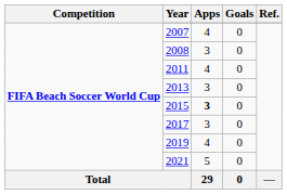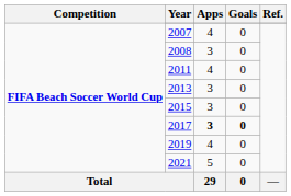 <table class="wikitable" style="text-align:center;">
 <tr>
 <th>Competition</th>
 <th>Year</th>
 <th>Apps</th>
 <th>Goals</th>
 <th>Ref.</th>
 </tr>
 <tr>
 <td rowspan="9"><strong><a href='#'>FIFA Beach Soccer World Cup</a></strong></td>
 </tr>
 <tr>
 <td> <a href='#'>2007</a></td>
 <td>4</td>
 <td>0</td>
 <td rowspan=8></td>
 </tr>
 <tr>
 <td> <a href='#'>2008</a></td>
 <td>3</td>
 <td>0</td>
 </tr>
 <tr>
 <td> <a href='#'>2011</a></td>
 <td>4</td>
 <td>0</td>
 </tr>
 <tr>
 <td> <a href='#'>2013</a></td>
 <td>3</td>
 <td>0</td>
 </tr>
 <tr>
 <td> <a href='#'>2015</a></td>
-<td><strong>3</strong></td>
+<td>3</td>
 <td>0</td>
 </tr>
 <tr>
 <td> <a href='#'>2017</a></td>
-<td>3</td>
-<td>0</td>
+<td><strong>3</strong></td>
+<td><strong>0</strong></td>
 </tr>
 <tr>
 <td> <a href='#'>2019</a></td>
 <td>4</td>
 <td>0</td>
 </tr>
 <tr>
 <td> <a href='#'>2021</a></td>
 <td>5</td>
 <td>0</td>
 </tr>
 <tr>
 <th colspan=2>Total</th>
 <th>29</th>
 <th>0</th>
 <th>—</th>
 </tr>
 </table>
